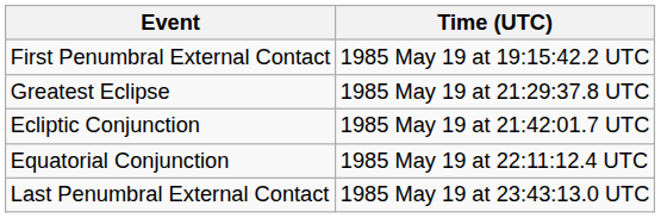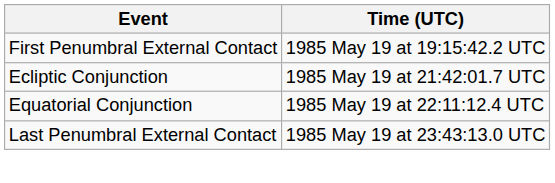 <table class="wikitable">
 <tr>
 <th>Event</th>
 <th>Time (UTC)</th>
 </tr>
 <tr>
 <td>First Penumbral External Contact</td>
 <td>1985 May 19 at 19:15:42.2 UTC</td>
-</tr>
-<tr>
-<td>Greatest Eclipse</td>
-<td>1985 May 19 at 21:29:37.8 UTC</td>
 </tr>
 <tr>
 <td>Ecliptic Conjunction</td>
 <td>1985 May 19 at 21:42:01.7 UTC</td>
 </tr>
 <tr>
 <td>Equatorial Conjunction</td>
 <td>1985 May 19 at 22:11:12.4 UTC</td>
 </tr>
 <tr>
 <td>Last Penumbral External Contact</td>
 <td>1985 May 19 at 23:43:13.0 UTC</td>
 </tr>
 </table>
